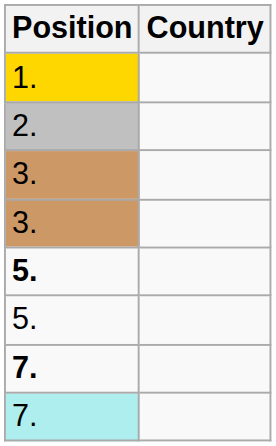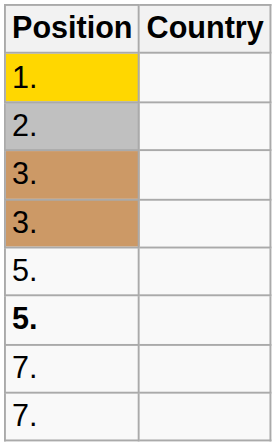 <table class=wikitable>
 <tr>
 <th>Position</th>
 <th>Country</th>
 </tr>
 <tr>
 <td bgcolor=gold>1.</td>
 <td></td>
 </tr>
 <tr>
 <td bgcolor=silver>2.</td>
 <td></td>
 </tr>
 <tr>
 <td bgcolor="CC9966">3.</td>
 <td></td>
 </tr>
 <tr>
 <td bgcolor="CC9966">3.</td>
 <td></td>
 </tr>
 <tr>
+<td>5.</td>
+<td></td>
+</tr>
+<tr>
 <td><strong>5.</strong></td>
 <td></td>
 </tr>
 <tr>
-<td>5.</td>
+<td>7.</td>
 <td></td>
 </tr>
 <tr>
-<td><strong>7.</strong></td>
-<td></td>
-</tr>
-<tr>
-<td style="background: paleturquoise;">7.</td>
+<td>7.</td>
 <td></td>
 </tr>
 </table>
